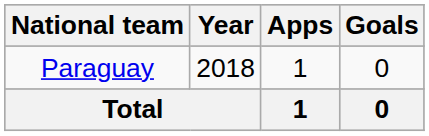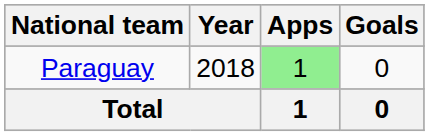 <table class="wikitable" style="text-align:center">
 <tr>
 <th>National team</th>
 <th>Year</th>
 <th>Apps</th>
 <th>Goals</th>
 </tr>
 <tr>
 <td><a href='#'>Paraguay</a></td>
 <td>2018</td>
-<td>1</td>
+<td style="background: lightgreen;">1</td>
 <td>0</td>
 </tr>
 <tr>
 <th colspan="2">Total</th>
 <th>1</th>
 <th>0</th>
 </tr>
 </table>
